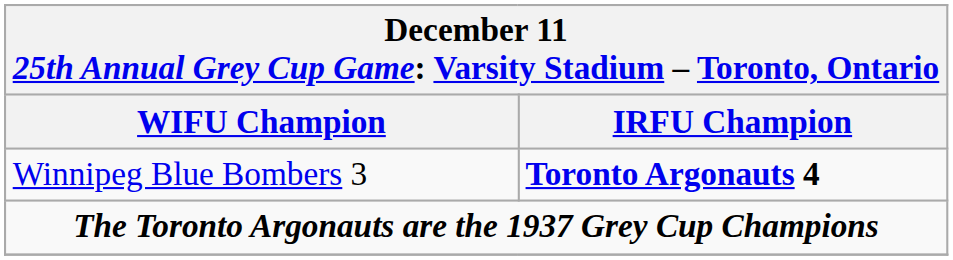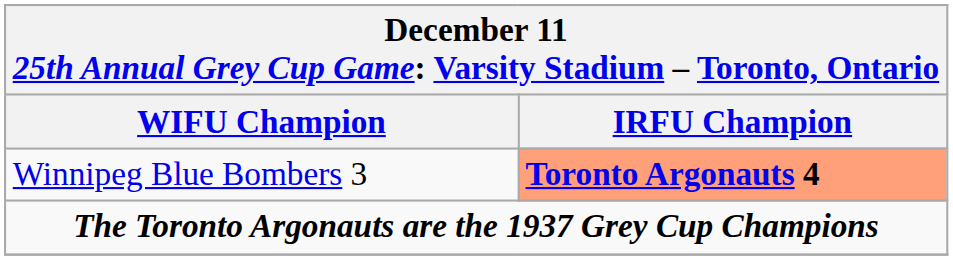 <table class="wikitable">
 <tr>
 <th bgcolor="#DDDDDD" colspan=4>December 11<br><a href='#'><em>25th Annual Grey Cup Game</em></a>: <a href='#'>Varsity Stadium</a> – <a href='#'>Toronto, Ontario</a></th>
 </tr>
 <tr>
 <th><a href='#'>WIFU Champion</a></th>
 <th><a href='#'>IRFU Champion</a></th>
 </tr>
 <tr>
 <td><a href='#'>Winnipeg Blue Bombers</a> 3</td>
-<td><strong><a href='#'>Toronto Argonauts</a> 4</strong></td>
+<td style="background: lightsalmon;"><strong><a href='#'>Toronto Argonauts</a> 4</strong></td>
 </tr>
 <tr>
 <td align="center" colspan=4><strong><em>The Toronto Argonauts are the 1937 Grey Cup Champions</em></strong></td>
 </tr>
 <tr>
 </tr>
 </table>
